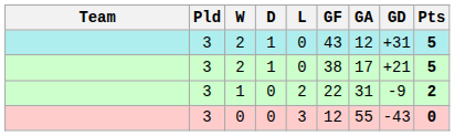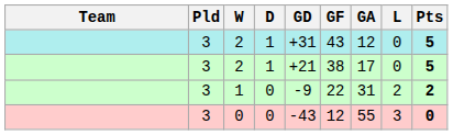 <table class="wikitable" style="text-align:center">
 <tr>
 <th width=150>Team</th>
 <th width=20>Pld</th>
 <th width=20>W</th>
 <th width=20>D</th>
-<th width=20>L</th>
+<th width=20>GD</th>
 <th width=20>GF</th>
 <th width=20>GA</th>
-<th width=20>GD</th>
+<th width=20>L</th>
 <th width=20>Pts</th>
 </tr>
 <tr bgcolor="#afeeee">
 <td align="left"></td>
 <td>3</td>
 <td>2</td>
 <td>1</td>
-<td>0</td>
+<td>+31</td>
 <td>43</td>
 <td>12</td>
-<td>+31</td>
+<td>0</td>
 <td><strong>5</strong></td>
 </tr>
 <tr bgcolor="#ccffcc">
 <td align="left"></td>
 <td>3</td>
 <td>2</td>
 <td>1</td>
-<td>0</td>
+<td>+21</td>
 <td>38</td>
 <td>17</td>
-<td>+21</td>
+<td>0</td>
 <td><strong>5</strong></td>
 </tr>
 <tr bgcolor="#ccffcc">
 <td align="left"></td>
 <td>3</td>
 <td>1</td>
 <td>0</td>
-<td>2</td>
+<td>-9</td>
 <td>22</td>
 <td>31</td>
-<td>-9</td>
+<td>2</td>
 <td><strong>2</strong></td>
 </tr>
 <tr bgcolor="#ffcccc">
 <td align="left"></td>
 <td>3</td>
 <td>0</td>
 <td>0</td>
-<td>3</td>
+<td>-43</td>
 <td>12</td>
 <td>55</td>
-<td>-43</td>
+<td>3</td>
 <td><strong>0</strong></td>
 </tr>
 </table>
